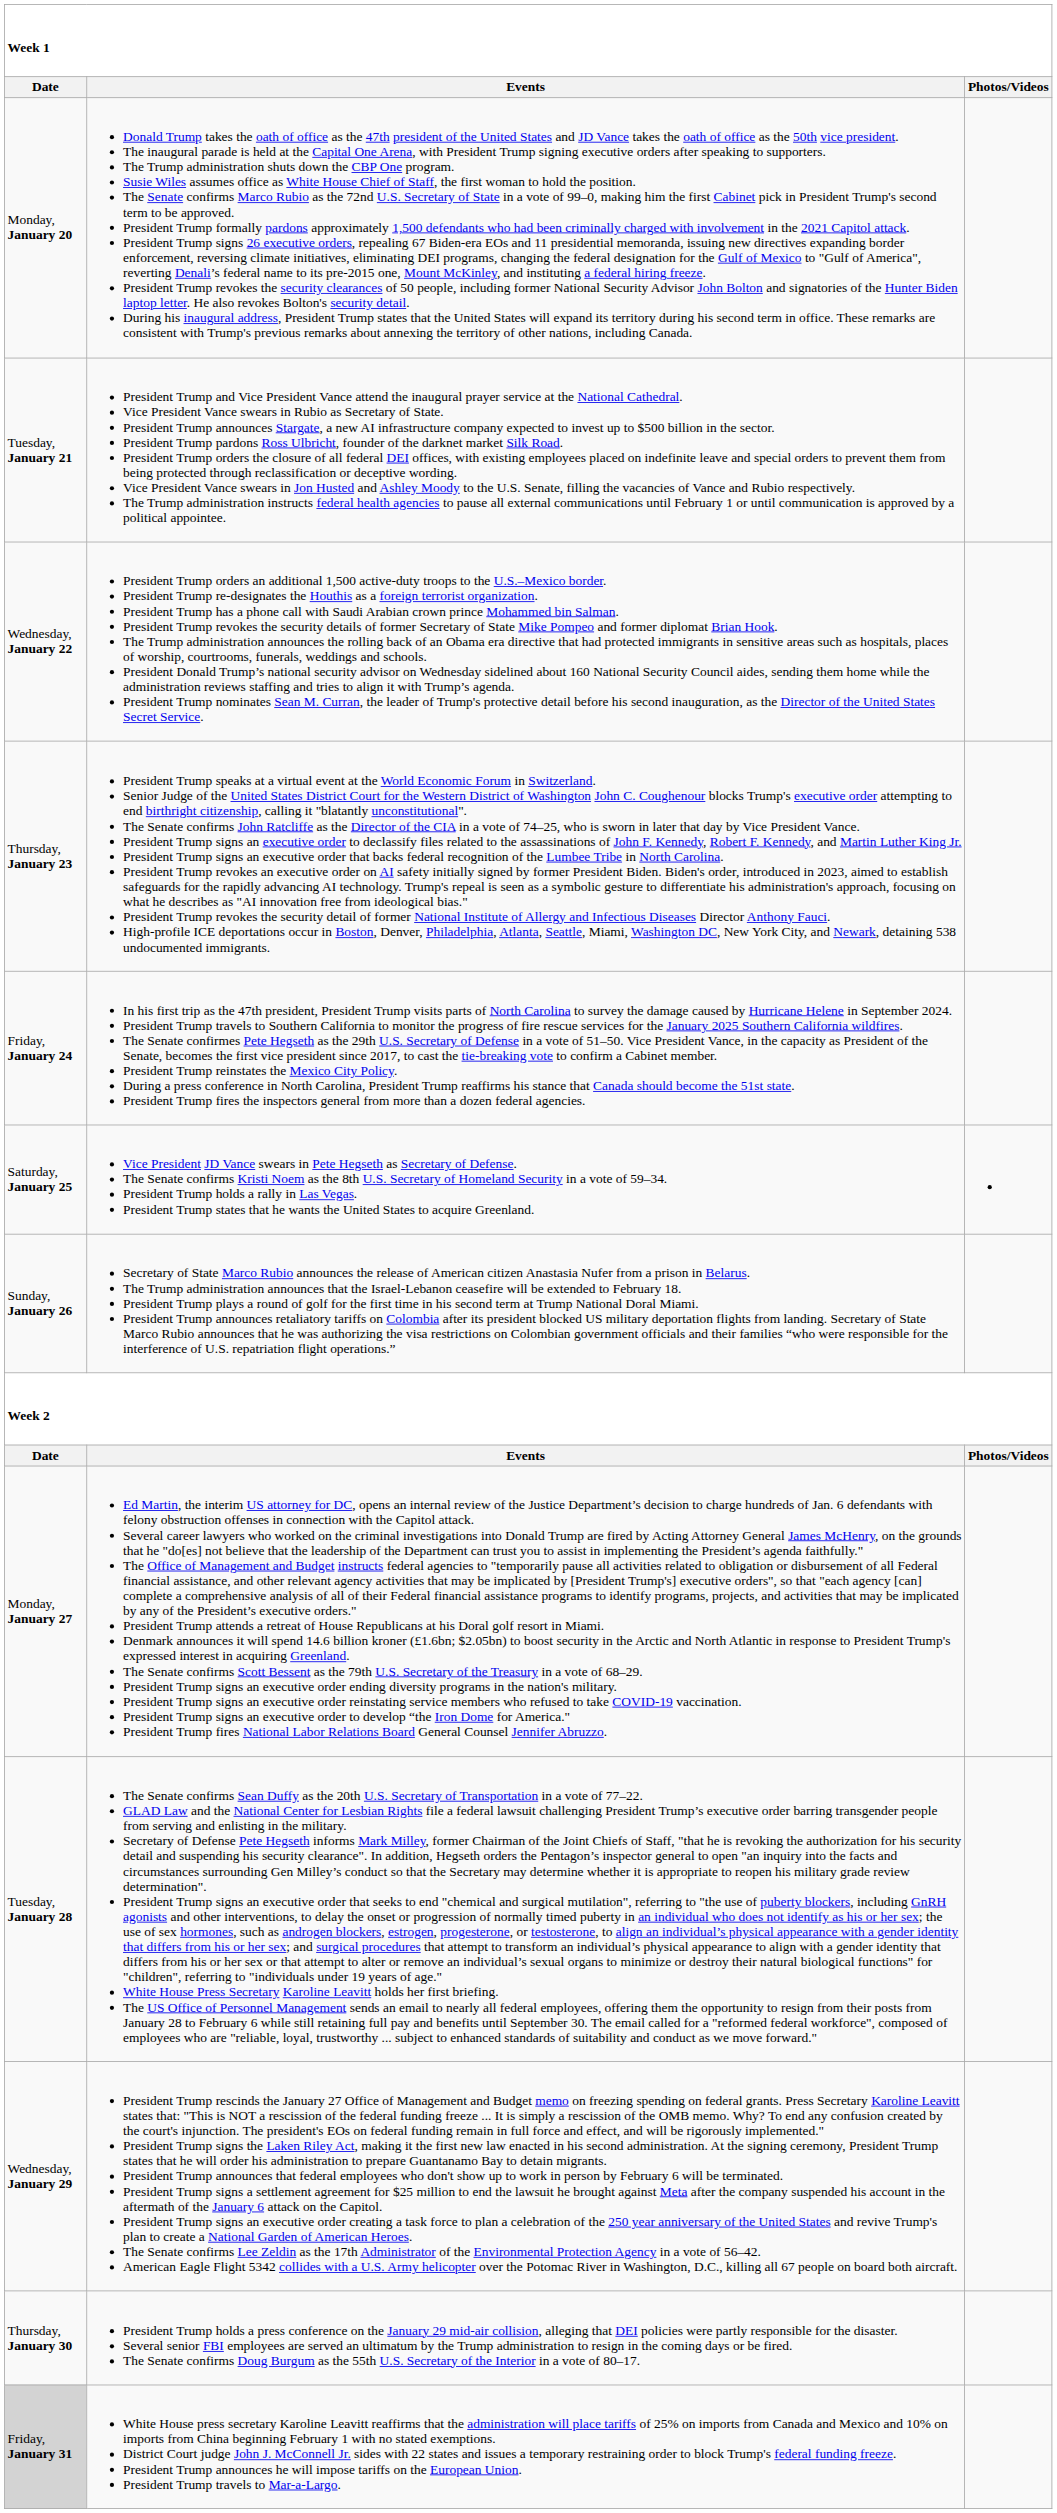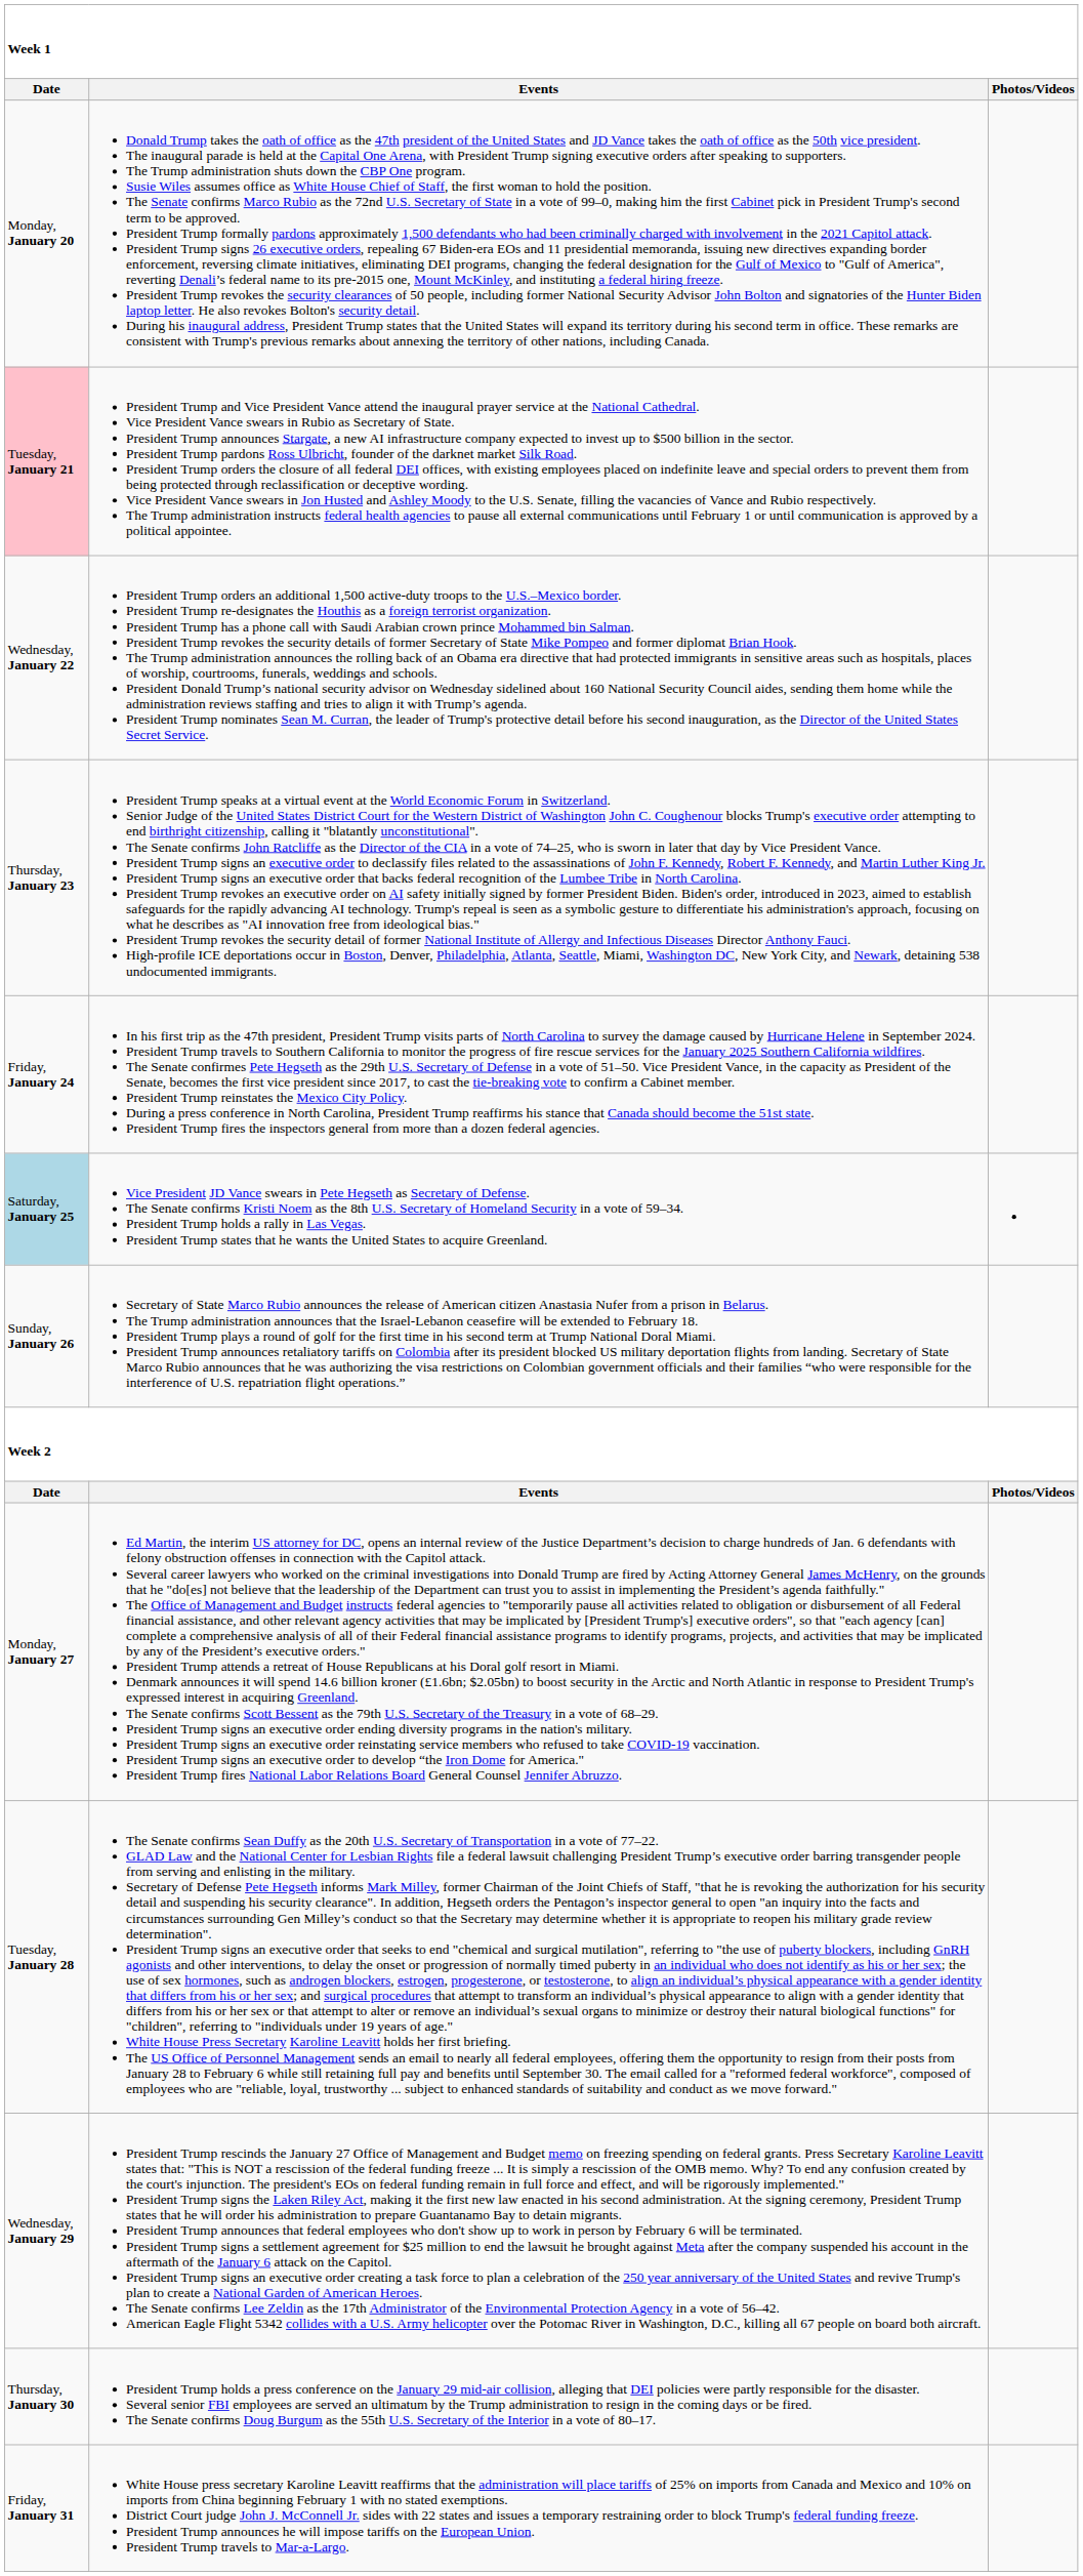 <table class="wikitable">
 <tr style="background:white;">
 <td colspan="3"><br><h4>Week 1</h4></td>
 </tr>
 <tr>
 <th>Date</th>
 <th>Events</th>
 <th>Photos/Videos</th>
 </tr>
 <tr>
 <td>Monday, <strong>January 20</strong></td>
 <td><br><ul><li><a href='#'>Donald Trump</a> takes the <a href='#'>oath of office</a> as the <a href='#'>47th</a> <a href='#'>president of the United States</a> and <a href='#'>JD Vance</a> takes the <a href='#'>oath of office</a> as the <a href='#'>50th</a> <a href='#'>vice president</a>.</li><li>The inaugural parade is held at the <a href='#'>Capital One Arena</a>, with President Trump signing executive orders after speaking to supporters.</li><li>The Trump administration shuts down the <a href='#'>CBP One</a> program.</li><li><a href='#'>Susie Wiles</a> assumes office as <a href='#'>White House Chief of Staff</a>, the first woman to hold the position.</li><li>The <a href='#'>Senate</a> confirms <a href='#'>Marco Rubio</a> as the 72nd <a href='#'>U.S. Secretary of State</a> in a vote of 99–0, making him the first <a href='#'>Cabinet</a> pick in President Trump's second term to be approved.</li><li>President Trump formally <a href='#'>pardons</a> approximately <a href='#'>1,500 defendants who had been criminally charged with involvement</a> in the <a href='#'>2021 Capitol attack</a>.</li><li>President Trump signs <a href='#'>26 executive orders</a>, repealing 67 Biden-era EOs and 11 presidential memoranda, issuing new directives expanding border enforcement, reversing climate initiatives, eliminating DEI programs, changing the federal designation for the <a href='#'>Gulf of Mexico</a> to "Gulf of America", reverting <a href='#'>Denali</a>’s federal name to its pre-2015 one, <a href='#'>Mount McKinley</a>, and instituting <a href='#'>a federal hiring freeze</a>.</li><li>President Trump revokes the <a href='#'>security clearances</a> of 50 people, including former National Security Advisor <a href='#'>John Bolton</a> and signatories of the <a href='#'>Hunter Biden laptop letter</a>. He also revokes Bolton's <a href='#'>security detail</a>.</li><li>During his <a href='#'>inaugural address</a>, President Trump states that the United States will expand its territory during his second term in office. These remarks are consistent with Trump's previous remarks about annexing the territory of other nations, including Canada.</li></ul></td>
 <td><br> </td>
 </tr>
 <tr>
-<td>Tuesday, <strong>January 21</strong></td>
+<td style="background: pink;">Tuesday, <strong>January 21</strong></td>
 <td><br><ul><li>President Trump and Vice President Vance attend the inaugural prayer service at the <a href='#'>National Cathedral</a>.</li><li>Vice President Vance swears in Rubio as Secretary of State.</li><li>President Trump announces <a href='#'>Stargate</a>, a new AI infrastructure company expected to invest up to $500 billion in the sector.</li><li>President Trump pardons <a href='#'>Ross Ulbricht</a>, founder of the darknet market <a href='#'>Silk Road</a>.</li><li>President Trump orders the closure of all federal <a href='#'>DEI</a> offices, with existing employees placed on indefinite leave and special orders to prevent them from being protected through reclassification or deceptive wording.</li><li>Vice President Vance swears in <a href='#'>Jon Husted</a> and <a href='#'>Ashley Moody</a> to the U.S. Senate, filling the vacancies of Vance and Rubio respectively.</li><li>The Trump administration instructs <a href='#'>federal health agencies</a> to pause all external communications until February 1 or until communication is approved by a political appointee.</li></ul></td>
 <td></td>
 </tr>
 <tr>
 <td>Wednesday, <strong>January 22</strong></td>
 <td><br><ul><li>President Trump orders an additional 1,500 active-duty troops to the <a href='#'>U.S.–Mexico border</a>.</li><li>President Trump re-designates the <a href='#'>Houthis</a> as a <a href='#'>foreign terrorist organization</a>.</li><li>President Trump has a phone call with Saudi Arabian crown prince <a href='#'>Mohammed bin Salman</a>.</li><li>President Trump revokes the security details of former Secretary of State <a href='#'>Mike Pompeo</a> and former diplomat <a href='#'>Brian Hook</a>.</li><li>The Trump administration announces the rolling back of an Obama era directive that had protected immigrants in sensitive areas such as hospitals, places of worship, courtrooms, funerals, weddings and schools.</li><li>President Donald Trump’s national security advisor on Wednesday sidelined about 160 National Security Council aides, sending them home while the administration reviews staffing and tries to align it with Trump’s agenda.</li><li>President Trump nominates <a href='#'>Sean M. Curran</a>, the leader of Trump's protective detail before his second inauguration, as the <a href='#'>Director of the United States Secret Service</a>.</li></ul></td>
 <td></td>
 </tr>
 <tr>
 <td>Thursday, <strong>January 23</strong></td>
 <td><br><ul><li>President Trump speaks at a virtual event at the <a href='#'>World Economic Forum</a> in <a href='#'>Switzerland</a>.</li><li>Senior Judge of the <a href='#'>United States District Court for the Western District of Washington</a> <a href='#'>John C. Coughenour</a> blocks Trump's <a href='#'>executive order</a> attempting to end <a href='#'>birthright citizenship</a>, calling it "blatantly <a href='#'>unconstitutional</a>".</li><li>The Senate confirms <a href='#'>John Ratcliffe</a> as the <a href='#'>Director of the CIA</a> in a vote of 74–25, who is sworn in later that day by Vice President Vance.</li><li>President Trump signs an <a href='#'>executive order</a> to declassify files related to the assassinations of <a href='#'>John F. Kennedy</a>, <a href='#'>Robert F. Kennedy</a>, and <a href='#'>Martin Luther King Jr.</a></li><li>President Trump signs an executive order that backs federal recognition of the <a href='#'>Lumbee Tribe</a> in <a href='#'>North Carolina</a>.</li><li>President Trump revokes an executive order on <a href='#'>AI</a> safety initially signed by former President Biden. Biden's order, introduced in 2023, aimed to establish safeguards for the rapidly advancing AI technology. Trump's repeal is seen as a symbolic gesture to differentiate his administration's approach, focusing on what he describes as "AI innovation free from ideological bias."</li><li>President Trump revokes the security detail of former <a href='#'>National Institute of Allergy and Infectious Diseases</a> Director <a href='#'>Anthony Fauci</a>.</li><li>High-profile ICE deportations occur in <a href='#'>Boston</a>, Denver, <a href='#'>Philadelphia</a>, <a href='#'>Atlanta</a>, <a href='#'>Seattle</a>, Miami, <a href='#'>Washington DC</a>, New York City, and <a href='#'>Newark</a>, detaining 538 undocumented immigrants.</li></ul></td>
 <td><br></td>
 </tr>
 <tr>
 <td>Friday, <strong>January 24</strong></td>
 <td><br><ul><li>In his first trip as the 47th president, President Trump visits parts of <a href='#'>North Carolina</a> to survey the damage caused by <a href='#'>Hurricane Helene</a> in September 2024.</li><li>President Trump travels to Southern California to monitor the progress of fire rescue services for the <a href='#'>January 2025 Southern California wildfires</a>.</li><li>The Senate confirmes <a href='#'>Pete Hegseth</a> as the 29th <a href='#'>U.S. Secretary of Defense</a> in a vote of 51–50. Vice President Vance, in the capacity as President of the Senate, becomes the first vice president since 2017, to cast the <a href='#'>tie-breaking vote</a> to confirm a Cabinet member.</li><li>President Trump reinstates the <a href='#'>Mexico City Policy</a>.</li><li>During a press conference in North Carolina, President Trump reaffirms his stance that <a href='#'>Canada should become the 51st state</a>.</li><li>President Trump fires the inspectors general from more than a dozen federal agencies.</li></ul></td>
 <td><br></td>
 </tr>
 <tr>
-<td>Saturday, <strong>January 25</strong></td>
+<td style="background: lightblue;">Saturday, <strong>January 25</strong></td>
 <td><br><ul><li><a href='#'>Vice President</a> <a href='#'>JD Vance</a> swears in <a href='#'>Pete Hegseth</a> as <a href='#'>Secretary of Defense</a>.</li><li>The Senate confirms <a href='#'>Kristi Noem</a> as the 8th <a href='#'>U.S. Secretary of Homeland Security</a> in a vote of 59–34.</li><li>President Trump holds a rally in <a href='#'>Las Vegas</a>.</li><li>President Trump states that he wants the United States to acquire Greenland.</li></ul></td>
 <td><br><ul><li></li></ul></td>
 </tr>
 <tr>
 <td>Sunday, <strong>January 26</strong></td>
 <td><br><ul><li>Secretary of State <a href='#'>Marco Rubio</a> announces the release of American citizen Anastasia Nufer from a prison in <a href='#'>Belarus</a>.</li><li>The Trump administration announces that the Israel-Lebanon ceasefire will be extended to February 18.</li><li>President Trump plays a round of golf for the first time in his second term at Trump National Doral Miami.</li><li>President Trump announces retaliatory tariffs on <a href='#'>Colombia</a> after its president blocked US military deportation flights from landing. Secretary of State Marco Rubio announces that he was authorizing the visa restrictions on Colombian government officials and their families “who were responsible for the interference of U.S. repatriation flight operations.”</li></ul></td>
 <td></td>
 </tr>
 <tr style="background:white;">
 <td colspan="3"><br><h4>Week 2</h4></td>
 </tr>
 <tr>
 <th>Date</th>
 <th>Events</th>
 <th>Photos/Videos</th>
 </tr>
 <tr>
 <td>Monday, <strong>January 27</strong></td>
 <td><br><ul><li><a href='#'>Ed Martin</a>, the interim <a href='#'>US attorney for DC</a>, opens an internal review of the Justice Department’s decision to charge hundreds of Jan. 6 defendants with felony obstruction offenses in connection with the Capitol attack.</li><li>Several career lawyers who worked on the criminal investigations into Donald Trump are fired by Acting Attorney General <a href='#'>James McHenry</a>, on the grounds that he "do[es] not believe that the leadership of the Department can trust you to assist in implementing the President’s agenda faithfully."</li><li>The <a href='#'>Office of Management and Budget</a> <a href='#'>instructs</a> federal agencies to "temporarily pause all activities related to obligation or disbursement of all Federal financial assistance, and other relevant agency activities that may be implicated by [President Trump's] executive orders", so that "each agency [can] complete a comprehensive analysis of all of their Federal financial assistance programs to identify programs, projects, and activities that may be implicated by any of the President’s executive orders."</li><li>President Trump attends a retreat of House Republicans at his Doral golf resort in Miami.</li><li>Denmark announces it will spend 14.6 billion kroner (£1.6bn; $2.05bn) to boost security in the Arctic and North Atlantic in response to President Trump's expressed interest in acquiring <a href='#'>Greenland</a>.</li><li>The Senate confirms <a href='#'>Scott Bessent</a> as the 79th <a href='#'>U.S. Secretary of the Treasury</a> in a vote of 68–29.</li><li>President Trump signs an executive order ending diversity programs in the nation's military.</li><li>President Trump signs an executive order reinstating service members who refused to take <a href='#'>COVID-19</a> vaccination.</li><li>President Trump signs an executive order to develop “the <a href='#'>Iron Dome</a> for America."</li><li>President Trump fires <a href='#'>National Labor Relations Board</a> General Counsel <a href='#'>Jennifer Abruzzo</a>.</li></ul></td>
 <td></td>
 </tr>
 <tr>
 <td>Tuesday, <strong>January 28</strong></td>
 <td><br><ul><li>The Senate confirms <a href='#'>Sean Duffy</a> as the 20th <a href='#'>U.S. Secretary of Transportation</a> in a vote of 77–22.</li><li><a href='#'>GLAD Law</a> and the <a href='#'>National Center for Lesbian Rights</a> file a federal lawsuit challenging President Trump’s executive order barring transgender people from serving and enlisting in the military.</li><li>Secretary of Defense <a href='#'>Pete Hegseth</a> informs <a href='#'>Mark Milley</a>, former Chairman of the Joint Chiefs of Staff, "that he is revoking the authorization for his security detail and suspending his security clearance". In addition, Hegseth orders the Pentagon’s inspector general to open "an inquiry into the facts and circumstances surrounding Gen Milley’s conduct so that the Secretary may determine whether it is appropriate to reopen his military grade review determination".</li><li>President Trump signs an executive order that seeks to end "chemical and surgical mutilation", referring to "the use of <a href='#'>puberty blockers</a>, including <a href='#'>GnRH</a> <a href='#'>agonists</a> and other interventions, to delay the onset or progression of normally timed puberty in <a href='#'>an individual who does not identify as his or her sex</a>; the use of sex <a href='#'>hormones</a>, such as <a href='#'>androgen blockers</a>, <a href='#'>estrogen</a>, <a href='#'>progesterone</a>, or <a href='#'>testosterone</a>, to <a href='#'>align an individual’s physical appearance with a gender identity that differs from his or her sex</a>; and <a href='#'>surgical procedures</a> that attempt to transform an individual’s physical appearance to align with a gender identity that differs from his or her sex or that attempt to alter or remove an individual’s sexual organs to minimize or destroy their natural biological functions" for "children", referring to "individuals under 19 years of age."</li><li><a href='#'>White House Press Secretary</a> <a href='#'>Karoline Leavitt</a> holds her first briefing.</li><li>The <a href='#'>US Office of Personnel Management</a> sends an email to nearly all federal employees, offering them the opportunity to resign from their posts from January 28 to February 6 while still retaining full pay and benefits until September 30. The email called for a "reformed federal workforce", composed of employees who are "reliable, loyal, trustworthy ... subject to enhanced standards of suitability and conduct as we move forward."</li></ul></td>
 <td></td>
 </tr>
 <tr>
 <td>Wednesday, <strong>January 29</strong></td>
 <td><br><ul><li>President Trump rescinds the January 27 Office of Management and Budget <a href='#'>memo</a> on freezing spending on federal grants. Press Secretary <a href='#'>Karoline Leavitt</a> states that: "This is NOT a rescission of the federal funding freeze ... It is simply a rescission of the OMB memo. Why? To end any confusion created by the court's injunction. The president's EOs on federal funding remain in full force and effect, and will be rigorously implemented."</li><li>President Trump signs the <a href='#'>Laken Riley Act</a>, making it the first new law enacted in his second administration. At the signing ceremony, President Trump states that he will order his administration to prepare Guantanamo Bay to detain migrants.</li><li>President Trump announces that federal employees who don't show up to work in person by February 6 will be terminated.</li><li>President Trump signs a settlement agreement for $25 million to end the lawsuit he brought against <a href='#'>Meta</a> after the company suspended his account in the aftermath of the <a href='#'>January 6</a> attack on the Capitol.</li><li>President Trump signs an executive order creating a task force to plan a celebration of the <a href='#'>250 year anniversary of the United States</a> and revive Trump's plan to create a <a href='#'>National Garden of American Heroes</a>.</li><li>The Senate confirms <a href='#'>Lee Zeldin</a> as the 17th <a href='#'>Administrator</a> of the <a href='#'>Environmental Protection Agency</a> in a vote of 56–42.</li><li>American Eagle Flight 5342 <a href='#'>collides with a U.S. Army helicopter</a> over the Potomac River in Washington, D.C., killing all 67 people on board both aircraft.</li></ul></td>
 <td></td>
 </tr>
 <tr>
 <td>Thursday, <strong>January 30</strong></td>
 <td><br><ul><li>President Trump holds a press conference on the <a href='#'>January 29 mid-air collision</a>, alleging that <a href='#'>DEI</a> policies were partly responsible for the disaster.</li><li>Several senior <a href='#'>FBI</a> employees are served an ultimatum by the Trump administration to resign in the coming days or be fired.</li><li>The Senate confirms <a href='#'>Doug Burgum</a> as the 55th <a href='#'>U.S. Secretary of the Interior</a> in a vote of 80–17.</li></ul></td>
 <td><br></td>
 </tr>
 <tr>
-<td style="background: lightgrey;">Friday, <strong>January 31</strong></td>
+<td>Friday, <strong>January 31</strong></td>
 <td><br><ul><li>White House press secretary Karoline Leavitt reaffirms that the <a href='#'>administration will place tariffs</a> of 25% on imports from Canada and Mexico and 10% on imports from China beginning February 1 with no stated exemptions.</li><li>District Court judge <a href='#'>John J. McConnell Jr.</a> sides with 22 states and issues a temporary restraining order to block Trump's <a href='#'>federal funding freeze</a>.</li><li>President Trump announces he will impose tariffs on the <a href='#'>European Union</a>.</li><li>President Trump travels to <a href='#'>Mar-a-Largo</a>.</li></ul></td>
 <td></td>
 </tr>
 </table>
